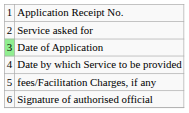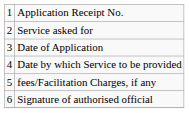 <table Class="wikitable">
 <tr>
 <td>1</td>
 <td>Application Receipt No.</td>
 </tr>
 <tr>
 <td>2</td>
 <td>Service asked for</td>
 </tr>
 <tr>
-<td style="background: lightgreen;">3</td>
+<td>3</td>
 <td>Date of Application</td>
 </tr>
 <tr>
 <td>4</td>
 <td>Date by which Service to be provided</td>
 </tr>
 <tr>
 <td>5</td>
 <td>fees/Facilitation Charges, if any</td>
 </tr>
 <tr>
 <td>6</td>
 <td>Signature of authorised official</td>
 </tr>
 <tr>
 </tr>
 </table>
